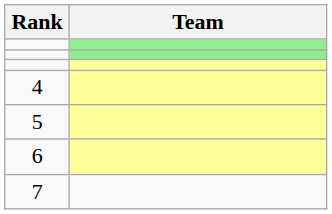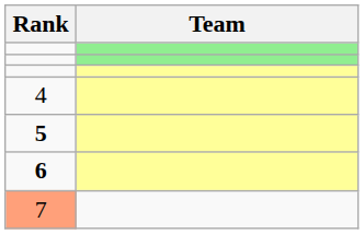 <table class="wikitable" style="text-align: center;">
 <tr>
 <th width=40>Rank</th>
 <th width=180>Team</th>
 </tr>
 <tr>
 <td></td>
 <td bgcolor=lightgreen align=left></td>
 </tr>
 <tr>
 <td></td>
 <td bgcolor=lightgreen align=left></td>
 </tr>
 <tr>
 <td></td>
 <td bgcolor=#FFFF99 align=left></td>
 </tr>
 <tr>
 <td>4</td>
 <td bgcolor=#FFFF99 align=left></td>
 </tr>
 <tr>
-<td>5</td>
+<td><strong>5</strong></td>
 <td bgcolor=#FFFF99 align=left></td>
 </tr>
 <tr>
-<td>6</td>
+<td><strong>6</strong></td>
 <td bgcolor=#FFFF99 align=left></td>
 </tr>
 <tr>
-<td>7</td>
+<td style="background: lightsalmon;">7</td>
 <td align=left></td>
 </tr>
 </table>
